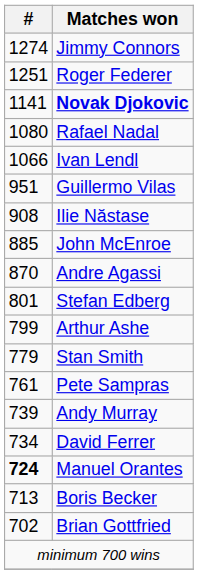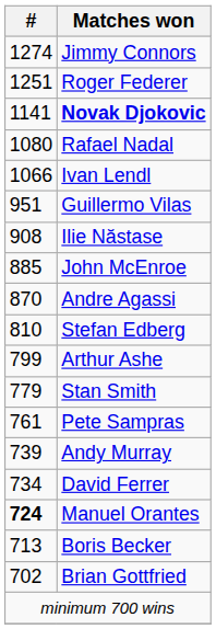 <table class="wikitable" style="display:inline-table;">
 <tr>
 <th>#</th>
 <th>Matches won</th>
 </tr>
 <tr>
 <td>1274</td>
 <td> <a href='#'>Jimmy Connors</a></td>
 </tr>
 <tr>
 <td>1251</td>
 <td> <a href='#'>Roger Federer</a></td>
 </tr>
 <tr>
 <td>1141</td>
 <td><strong> <a href='#'>Novak Djokovic</a></strong></td>
 </tr>
 <tr>
 <td>1080</td>
 <td> <a href='#'>Rafael Nadal</a></td>
 </tr>
 <tr>
 <td>1066</td>
 <td> <a href='#'>Ivan Lendl</a></td>
 </tr>
 <tr>
 <td>951</td>
 <td> <a href='#'>Guillermo Vilas</a></td>
 </tr>
 <tr>
 <td>908</td>
 <td> <a href='#'>Ilie Năstase</a></td>
 </tr>
 <tr>
 <td>885</td>
 <td> <a href='#'>John McEnroe</a></td>
 </tr>
 <tr>
 <td>870</td>
 <td> <a href='#'>Andre Agassi</a></td>
 </tr>
 <tr>
-<td>801</td>
+<td>810</td>
 <td> <a href='#'>Stefan Edberg</a></td>
 </tr>
 <tr>
 <td>799</td>
 <td> <a href='#'>Arthur Ashe</a></td>
 </tr>
 <tr>
 <td>779</td>
 <td> <a href='#'>Stan Smith</a></td>
 </tr>
 <tr>
 <td>761</td>
 <td> <a href='#'>Pete Sampras</a></td>
 </tr>
 <tr>
 <td>739</td>
 <td> <a href='#'>Andy Murray</a></td>
 </tr>
 <tr>
 <td>734</td>
 <td> <a href='#'>David Ferrer</a></td>
 </tr>
 <tr>
 <td><strong>724</strong></td>
 <td> <a href='#'>Manuel Orantes</a></td>
 </tr>
 <tr>
 <td>713</td>
 <td> <a href='#'>Boris Becker</a></td>
 </tr>
 <tr>
 <td>702</td>
 <td> <a href='#'>Brian Gottfried</a></td>
 </tr>
 <tr>
 <td colspan="3" style="text-align: center;"><small><em>minimum 700 wins</em></small></td>
 </tr>
 <tr>
 </tr>
 </table>
